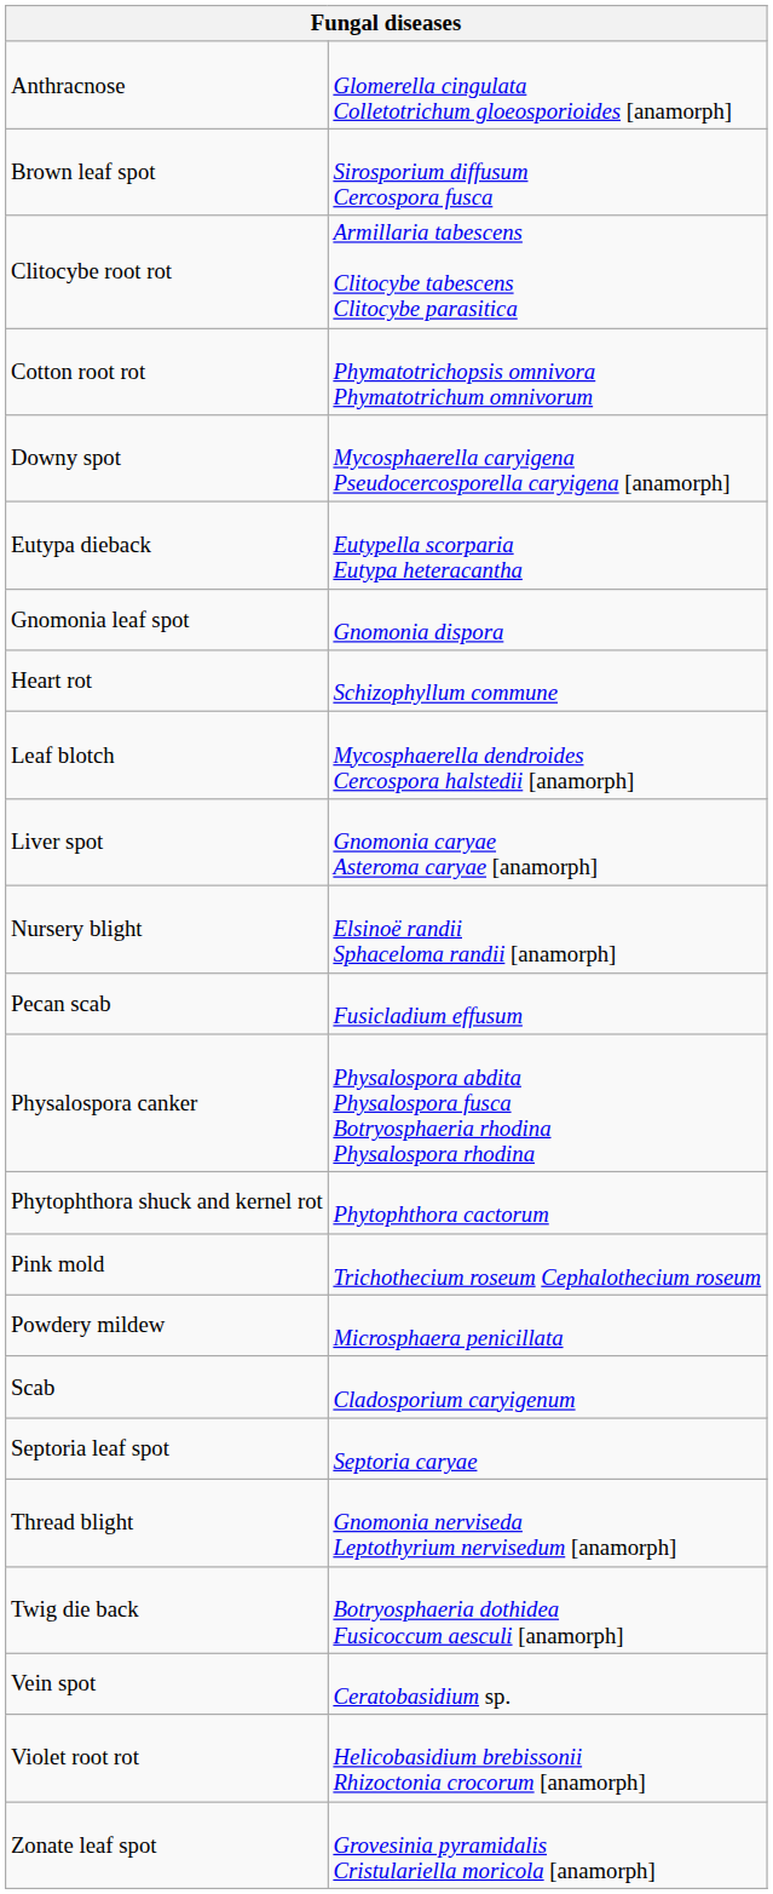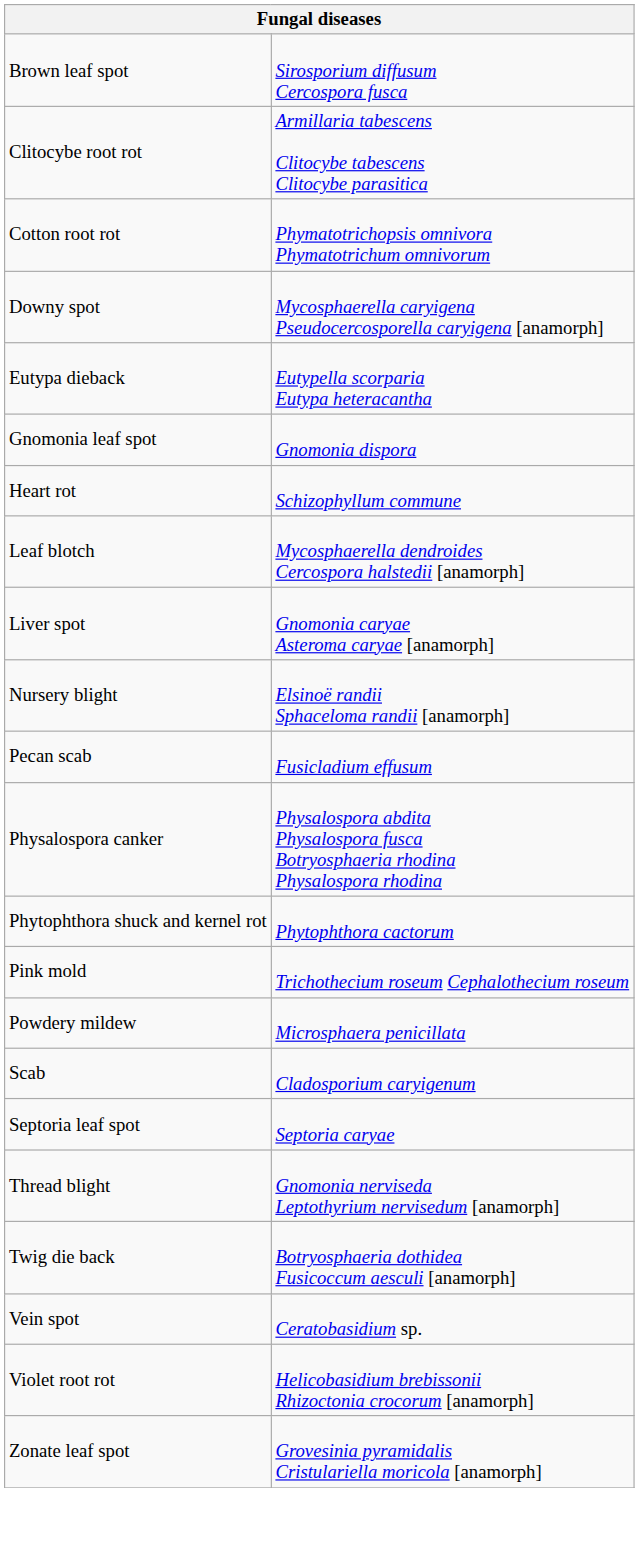 <table class="wikitable" style="clear">
 <tr>
 <th colspan=2><strong>Fungal diseases</strong><br></th>
-</tr>
-<tr>
-<td>Anthracnose</td>
-<td><br><em><a href='#'>Glomerella cingulata</a></em><br> <em><a href='#'>Colletotrichum gloeosporioides</a></em> [anamorph]</td>
 </tr>
 <tr>
 <td>Brown leaf spot</td>
 <td><br><em><a href='#'>Sirosporium diffusum</a></em> <br>  <em><a href='#'>Cercospora fusca</a></em></td>
 </tr>
 <tr>
 <td>Clitocybe root rot</td>
 <td><em><a href='#'>Armillaria tabescens</a></em> <br><br> <em><a href='#'>Clitocybe tabescens</a></em> <br>  <em><a href='#'>Clitocybe parasitica</a></em></td>
 </tr>
 <tr>
 <td>Cotton root rot</td>
 <td><br><em><a href='#'>Phymatotrichopsis omnivora</a></em> <br>  <em><a href='#'>Phymatotrichum omnivorum</a></em></td>
 </tr>
 <tr>
 <td>Downy spot</td>
 <td><br><em><a href='#'>Mycosphaerella caryigena</a></em><br> <em><a href='#'>Pseudocercosporella caryigena</a></em> [anamorph]</td>
 </tr>
 <tr>
 <td>Eutypa dieback</td>
 <td><br><em><a href='#'>Eutypella scorparia</a></em> <br>  <em><a href='#'>Eutypa heteracantha</a></em></td>
 </tr>
 <tr>
 <td>Gnomonia leaf spot</td>
 <td><br><em><a href='#'>Gnomonia dispora</a></em></td>
 </tr>
 <tr>
 <td>Heart rot</td>
 <td><br><em><a href='#'>Schizophyllum commune</a></em></td>
 </tr>
 <tr>
 <td>Leaf blotch</td>
 <td><br><em><a href='#'>Mycosphaerella dendroides</a></em> <br>  <em><a href='#'>Cercospora halstedii</a></em> [anamorph]</td>
 </tr>
 <tr>
 <td>Liver spot</td>
 <td><br><em><a href='#'>Gnomonia caryae</a></em><br> <em><a href='#'>Asteroma caryae</a></em> [anamorph]</td>
 </tr>
 <tr>
 <td>Nursery blight</td>
 <td><br><em><a href='#'>Elsinoë randii</a></em><br> <em><a href='#'>Sphaceloma randii</a></em> [anamorph]</td>
 </tr>
 <tr>
 <td>Pecan scab</td>
 <td><br><em><a href='#'>Fusicladium effusum</a></em></td>
 </tr>
 <tr>
 <td>Physalospora canker</td>
 <td><br><em><a href='#'>Physalospora abdita</a></em><br>  <em><a href='#'>Physalospora fusca</a></em><br> <em><a href='#'>Botryosphaeria rhodina</a></em> <br>  <em><a href='#'>Physalospora rhodina</a></em></td>
 </tr>
 <tr>
 <td>Phytophthora shuck and kernel rot</td>
 <td><br><em><a href='#'>Phytophthora cactorum</a></em></td>
 </tr>
 <tr>
 <td>Pink mold</td>
 <td><br><em><a href='#'>Trichothecium roseum</a></em>   <em><a href='#'>Cephalothecium roseum</a></em></td>
 </tr>
 <tr>
 <td>Powdery mildew</td>
 <td><br><em><a href='#'>Microsphaera penicillata</a></em></td>
 </tr>
 <tr>
 <td>Scab</td>
 <td><br><em><a href='#'>Cladosporium caryigenum</a></em></td>
 </tr>
 <tr>
 <td>Septoria leaf spot</td>
 <td><br><em><a href='#'>Septoria caryae</a></em></td>
 </tr>
 <tr>
 <td>Thread blight</td>
 <td><br><em><a href='#'>Gnomonia nerviseda</a></em><br> <em><a href='#'>Leptothyrium nervisedum</a></em> [anamorph]</td>
 </tr>
 <tr>
 <td>Twig die back</td>
 <td><br><em><a href='#'>Botryosphaeria dothidea</a></em><br> <em><a href='#'>Fusicoccum aesculi</a></em> [anamorph]</td>
 </tr>
 <tr>
 <td>Vein spot</td>
 <td><br><em><a href='#'>Ceratobasidium</a></em> sp.</td>
 </tr>
 <tr>
 <td>Violet root rot</td>
 <td><br><em><a href='#'>Helicobasidium brebissonii</a></em><br> <em><a href='#'>Rhizoctonia crocorum</a></em> [anamorph]</td>
 </tr>
 <tr>
 <td>Zonate leaf spot</td>
 <td><br><em><a href='#'>Grovesinia pyramidalis</a></em><br> <em><a href='#'>Cristulariella moricola</a></em> [anamorph]</td>
 </tr>
 <tr>
 </tr>
 </table>
